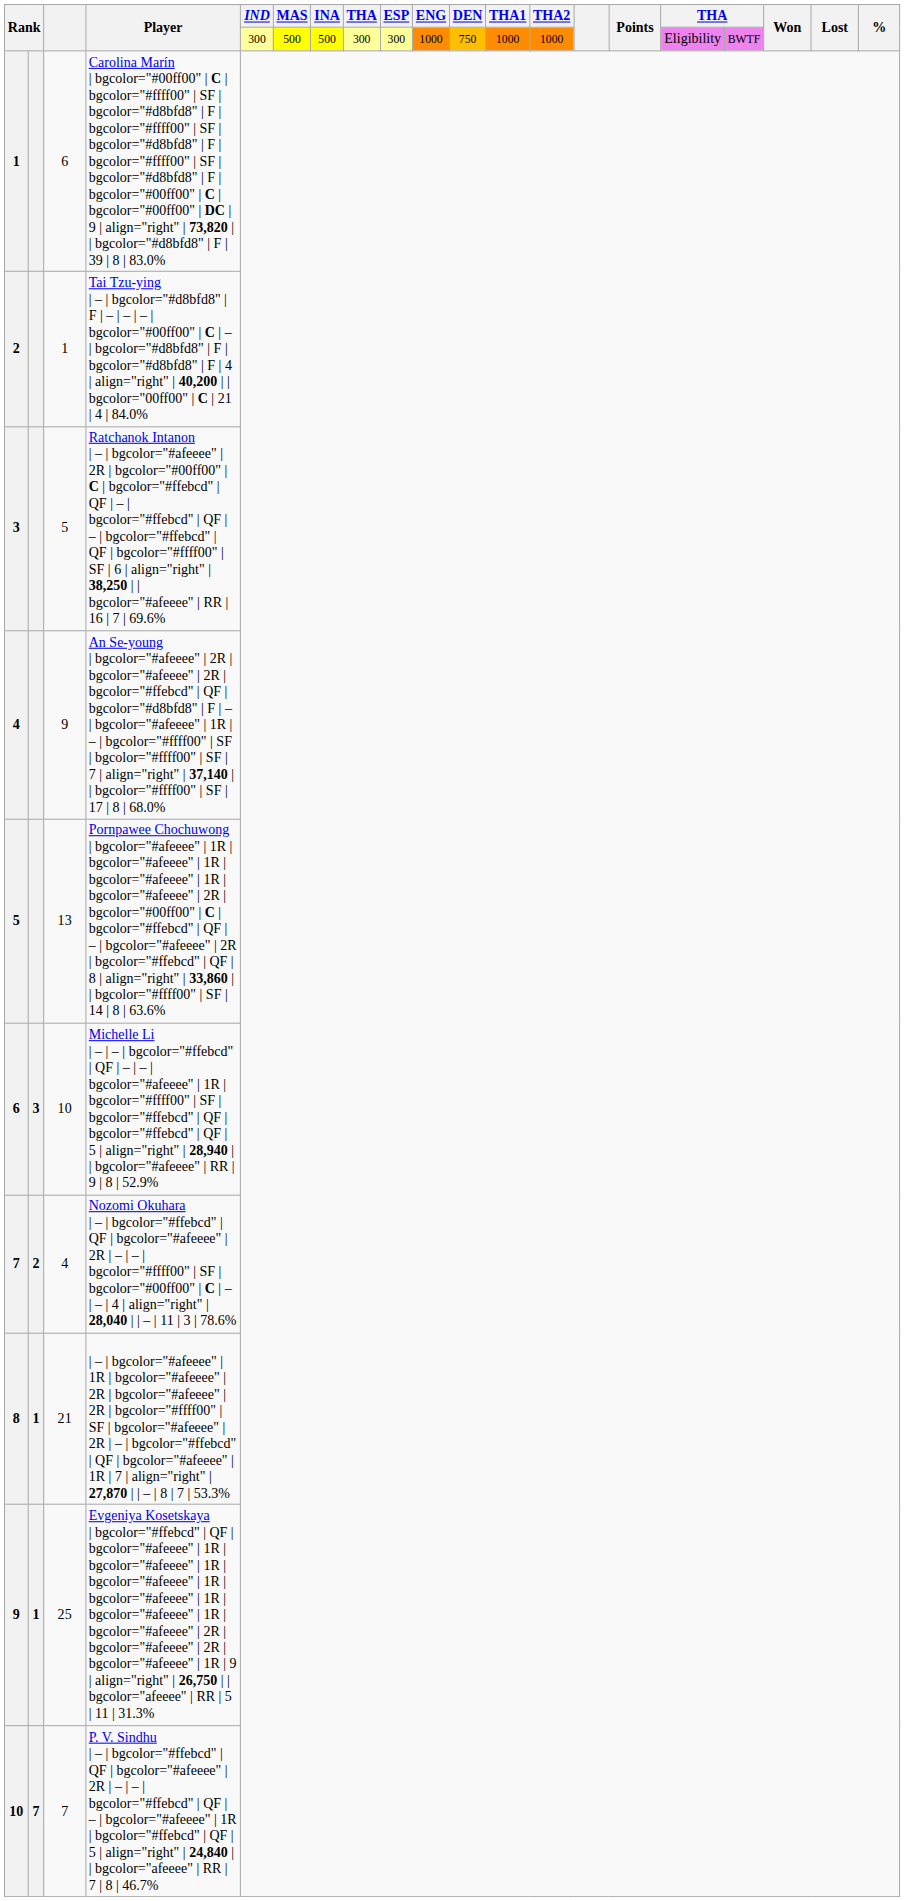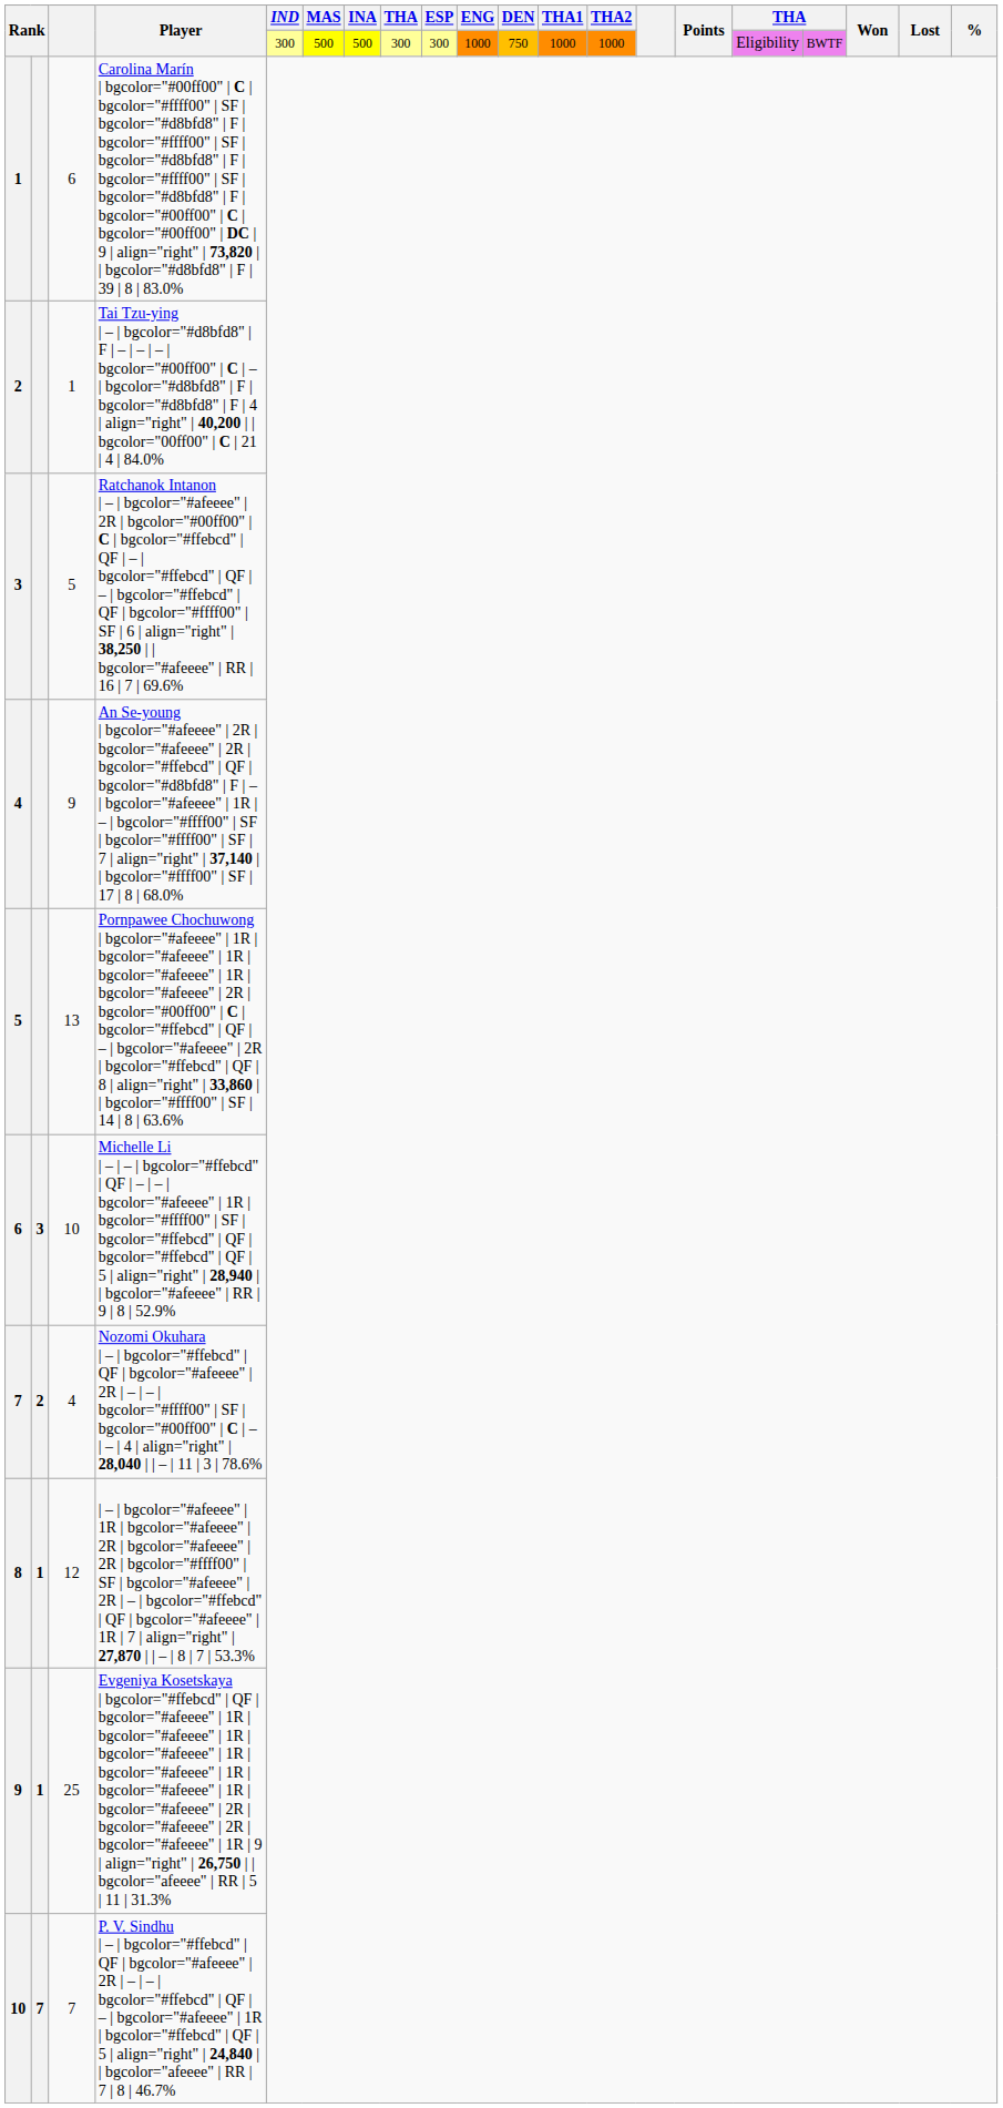 <table class="wikitable" style="font-size:85%; text-align:center">
 <tr>
 <th colspan="2" rowspan="2" width="50">Rank</th>
 <th rowspan="2" width="50"></th>
 <th rowspan="2" width="175">Player</th>
 <th><em><a href='#'>IND</a></em></th>
 <th><a href='#'>MAS</a></th>
 <th><a href='#'>INA</a></th>
 <th><a href='#'>THA</a></th>
 <th><a href='#'>ESP</a></th>
 <th><a href='#'>ENG</a></th>
 <th><a href='#'>DEN</a></th>
 <th><a href='#'>THA1</a></th>
 <th><a href='#'>THA2</a></th>
 <th rowspan="2" width="50"></th>
 <th rowspan="2" width="50">Points</th>
 <th colspan="2"><a href='#'>THA</a></th>
 <th rowspan="2" width="50">Won</th>
 <th rowspan="2" width="50">Lost</th>
 <th rowspan="2" width="50">%</th>
 </tr>
 <tr>
 <td bgcolor="#FFFF99"><small>300</small></td>
 <td bgcolor="#FFFF00"><small>500</small></td>
 <td bgcolor="#FFFF00"><small>500</small></td>
 <td bgcolor="#FFFF99"><small>300</small></td>
 <td bgcolor="#FFFF99"><small>300</small></td>
 <td bgcolor="#FF8C00"><small>1000</small></td>
 <td bgcolor="#FFBF00"><small>750</small></td>
 <td bgcolor="#FF8C00"><small>1000</small></td>
 <td bgcolor="#FF8C00"><small>1000</small></td>
 <td bgcolor="#EE82EE">Eligibility</td>
 <td bgcolor="#EE82EE"><small>BWTF</small></td>
 </tr>
 <tr>
 <th>1</th>
 <th></th>
 <td>6</td>
 <td align="left"> <a href='#'>Carolina Marín</a><br>| bgcolor="#00ff00" | <strong>C</strong> | bgcolor="#ffff00" | SF | bgcolor="#d8bfd8" | F | bgcolor="#ffff00" | SF | bgcolor="#d8bfd8" | F | bgcolor="#ffff00" | SF | bgcolor="#d8bfd8" | F | bgcolor="#00ff00" | <strong>C</strong> | bgcolor="#00ff00" | <strong>DC</strong> | 9 | align="right" | <strong>73,820</strong> |  | bgcolor="#d8bfd8" | F | 39 | 8 | 83.0%</td>
 </tr>
 <tr>
 <th>2</th>
 <th></th>
 <td>1</td>
 <td align="left"> <a href='#'>Tai Tzu-ying</a><br>| – | bgcolor="#d8bfd8" | F | – | – | – | bgcolor="#00ff00" | <strong>C</strong> | – | bgcolor="#d8bfd8" | F | bgcolor="#d8bfd8" | F | 4 | align="right" | <strong>40,200</strong> |  | bgcolor="00ff00" | <strong>C</strong> | 21 | 4 | 84.0%</td>
 </tr>
 <tr>
 <th>3</th>
 <th></th>
 <td>5</td>
 <td align="left"> <a href='#'>Ratchanok Intanon</a><br>| – | bgcolor="#afeeee" | 2R | bgcolor="#00ff00" | <strong>C</strong> | bgcolor="#ffebcd" | QF | – | bgcolor="#ffebcd" | QF | – | bgcolor="#ffebcd" | QF | bgcolor="#ffff00" | SF | 6 | align="right" | <strong>38,250</strong> |  | bgcolor="#afeeee" | RR | 16 | 7 | 69.6%</td>
 </tr>
 <tr>
 <th>4</th>
 <th></th>
 <td>9</td>
 <td align="left"> <a href='#'>An Se-young</a><br>| bgcolor="#afeeee" | 2R  | bgcolor="#afeeee" | 2R  | bgcolor="#ffebcd" | QF | bgcolor="#d8bfd8" | F | – | bgcolor="#afeeee" | 1R | – | bgcolor="#ffff00" | SF | bgcolor="#ffff00" | SF | 7 | align="right" | <strong>37,140</strong> |  | bgcolor="#ffff00" | SF | 17 | 8 | 68.0%</td>
 </tr>
 <tr>
 <th>5</th>
 <th></th>
 <td>13</td>
 <td align="left"> <a href='#'>Pornpawee Chochuwong</a><br>| bgcolor="#afeeee" | 1R | bgcolor="#afeeee" | 1R | bgcolor="#afeeee" | 1R | bgcolor="#afeeee" | 2R | bgcolor="#00ff00" | <strong>C</strong> | bgcolor="#ffebcd" | QF | – | bgcolor="#afeeee" | 2R | bgcolor="#ffebcd" | QF | 8 | align="right" | <strong>33,860</strong> |  | bgcolor="#ffff00" | SF | 14 | 8 | 63.6%</td>
 </tr>
 <tr>
 <th>6</th>
 <th> 3</th>
 <td>10</td>
 <td align="left"> <a href='#'>Michelle Li</a><br>| – | – | bgcolor="#ffebcd" | QF | – | – | bgcolor="#afeeee" | 1R | bgcolor="#ffff00" | SF | bgcolor="#ffebcd" | QF | bgcolor="#ffebcd" | QF | 5 | align="right" | <strong>28,940</strong> |  | bgcolor="#afeeee" | RR | 9 | 8 | 52.9%</td>
 </tr>
 <tr>
 <th>7</th>
 <th> 2</th>
 <td>4</td>
 <td align="left"> <a href='#'>Nozomi Okuhara</a><br>| – | bgcolor="#ffebcd" | QF | bgcolor="#afeeee" | 2R | – | – | bgcolor="#ffff00" | SF | bgcolor="#00ff00" | <strong>C</strong> | – | – | 4 | align="right" | <strong>28,040</strong> |  | – | 11 | 3 | 78.6%</td>
 </tr>
 <tr>
 <th>8</th>
 <th> 1</th>
-<td>21</td>
+<td>12</td>
 <td align="left"><br>| – | bgcolor="#afeeee" | 1R | bgcolor="#afeeee" | 2R | bgcolor="#afeeee" | 2R | bgcolor="#ffff00" | SF | bgcolor="#afeeee" | 2R | – | bgcolor="#ffebcd" | QF | bgcolor="#afeeee" | 1R | 7 | align="right" | <strong>27,870</strong> |  | – | 8 | 7 | 53.3%</td>
 </tr>
 <tr>
 <th>9</th>
 <th> 1</th>
 <td>25</td>
 <td align="left"> <a href='#'>Evgeniya Kosetskaya</a><br>| bgcolor="#ffebcd" | QF | bgcolor="#afeeee" | 1R | bgcolor="#afeeee" | 1R | bgcolor="#afeeee" | 1R | bgcolor="#afeeee" | 1R | bgcolor="#afeeee" | 1R | bgcolor="#afeeee" | 2R | bgcolor="#afeeee" | 2R | bgcolor="#afeeee" | 1R | 9 | align="right" | <strong>26,750</strong> |  | bgcolor="afeeee" | RR | 5 | 11 | 31.3%</td>
 </tr>
 <tr>
 <th>10</th>
 <th> 7</th>
 <td>7</td>
 <td align="left"> <a href='#'>P. V. Sindhu</a><br>| – | bgcolor="#ffebcd" | QF | bgcolor="#afeeee" | 2R | – | – | bgcolor="#ffebcd" | QF | – | bgcolor="#afeeee" | 1R | bgcolor="#ffebcd" | QF | 5 | align="right" | <strong>24,840</strong> |  | bgcolor="afeeee" | RR | 7 | 8 | 46.7%</td>
 </tr>
 </table>
